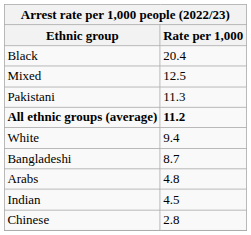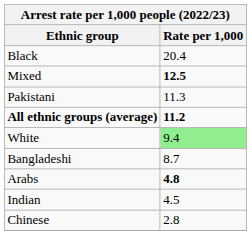 <table class="wikitable sortable">
 <tr>
 <th colspan="3">Arrest rate per 1,000 people (2022/23)</th>
 </tr>
 <tr>
 <th>Ethnic group</th>
 <th>Rate per 1,000</th>
 </tr>
 <tr>
 <td>Black</td>
 <td>20.4</td>
 </tr>
 <tr>
 <td>Mixed</td>
-<td>12.5</td>
+<td><strong>12.5</strong></td>
 </tr>
 <tr>
 <td>Pakistani</td>
 <td>11.3</td>
 </tr>
 <tr>
 <td><strong>All ethnic groups (average)</strong></td>
 <td><strong>11.2</strong></td>
 </tr>
 <tr>
 <td>White</td>
-<td>9.4</td>
+<td style="background: lightgreen;">9.4</td>
 </tr>
 <tr>
 <td>Bangladeshi</td>
 <td>8.7</td>
 </tr>
 <tr>
 <td>Arabs</td>
-<td>4.8</td>
+<td><strong>4.8</strong></td>
 </tr>
 <tr>
 <td>Indian</td>
 <td>4.5</td>
 </tr>
 <tr>
 <td>Chinese</td>
 <td>2.8</td>
 </tr>
 <tr>
 </tr>
 </table>
